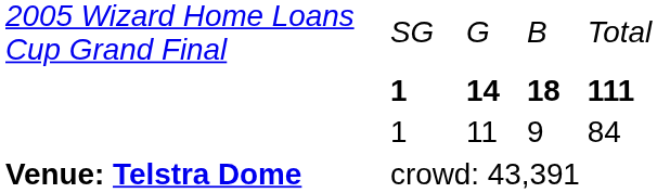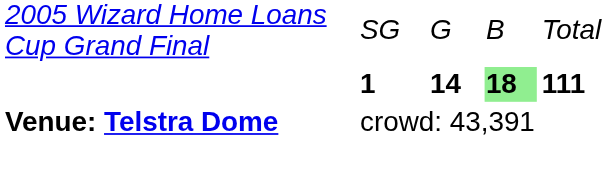 <table style="margin-right:4px; margin-top:8px; float:right; border:1px No.">
 <tr>
 <td width=200><em><a href='#'>2005 Wizard Home Loans Cup Grand Final</a></em></td>
 <td><em>SG</em></td>
 <td><em>G</em></td>
 <td><em>B</em></td>
 <td><em>Total</em></td>
 </tr>
 <tr>
 <td style="text-align:left"></td>
 <td><strong>1</strong></td>
 <td><strong>14</strong></td>
-<td><strong>18</strong></td>
+<td style="background: lightgreen;"><strong>18</strong></td>
 <td><strong>111</strong></td>
-</tr>
-<tr>
-<td style="text-align:left"></td>
-<td>1</td>
-<td>11</td>
-<td>9</td>
-<td>84</td>
 </tr>
 <tr>
 <td><strong>Venue: <a href='#'>Telstra Dome</a></strong></td>
 <td colspan=3>crowd: 43,391</td>
 </tr>
 </table>
